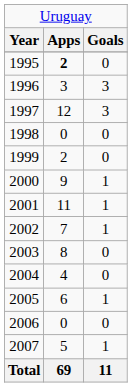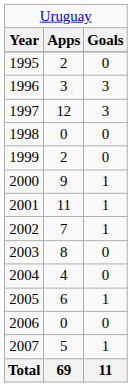 <table class="wikitable" style="text-align:center">
 <tr>
 <td colspan=3><a href='#'>Uruguay</a></td>
 </tr>
 <tr>
 <th>Year</th>
 <th>Apps</th>
 <th>Goals</th>
 </tr>
 <tr>
 </tr>
 <tr>
 <td>1995</td>
-<td><strong>2</strong></td>
+<td>2</td>
 <td>0</td>
 </tr>
 <tr>
 <td>1996</td>
 <td>3</td>
 <td>3</td>
 </tr>
 <tr>
 <td>1997</td>
 <td>12</td>
 <td>3</td>
 </tr>
 <tr>
 <td>1998</td>
 <td>0</td>
 <td>0</td>
 </tr>
 <tr>
 <td>1999</td>
 <td>2</td>
 <td>0</td>
 </tr>
 <tr>
 <td>2000</td>
 <td>9</td>
 <td>1</td>
 </tr>
 <tr>
 <td>2001</td>
 <td>11</td>
 <td>1</td>
 </tr>
 <tr>
 <td>2002</td>
 <td>7</td>
 <td>1</td>
 </tr>
 <tr>
 <td>2003</td>
 <td>8</td>
 <td>0</td>
 </tr>
 <tr>
 <td>2004</td>
 <td>4</td>
 <td>0</td>
 </tr>
 <tr>
 <td>2005</td>
 <td>6</td>
 <td>1</td>
 </tr>
 <tr>
 <td>2006</td>
 <td>0</td>
 <td>0</td>
 </tr>
 <tr>
 <td>2007</td>
 <td>5</td>
 <td>1</td>
 </tr>
 <tr>
 <th>Total</th>
 <th>69</th>
 <th>11</th>
 </tr>
 </table>
